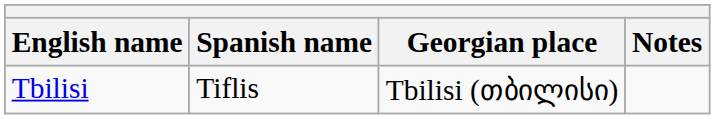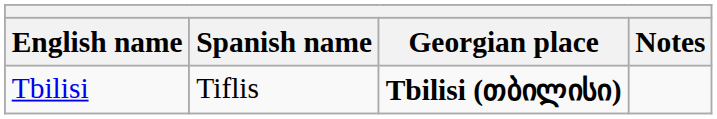 <table class="wikitable sortable">
 <tr>
 <th colspan="4"></th>
 </tr>
 <tr>
 <th>English name</th>
 <th>Spanish name</th>
 <th>Georgian place</th>
 <th>Notes</th>
 </tr>
 <tr>
 <td><a href='#'>Tbilisi</a></td>
 <td>Tiflis</td>
-<td>Tbilisi (თბილისი)</td>
+<td><strong>Tbilisi (თბილისი)</strong></td>
 <td></td>
 </tr>
 </table>
